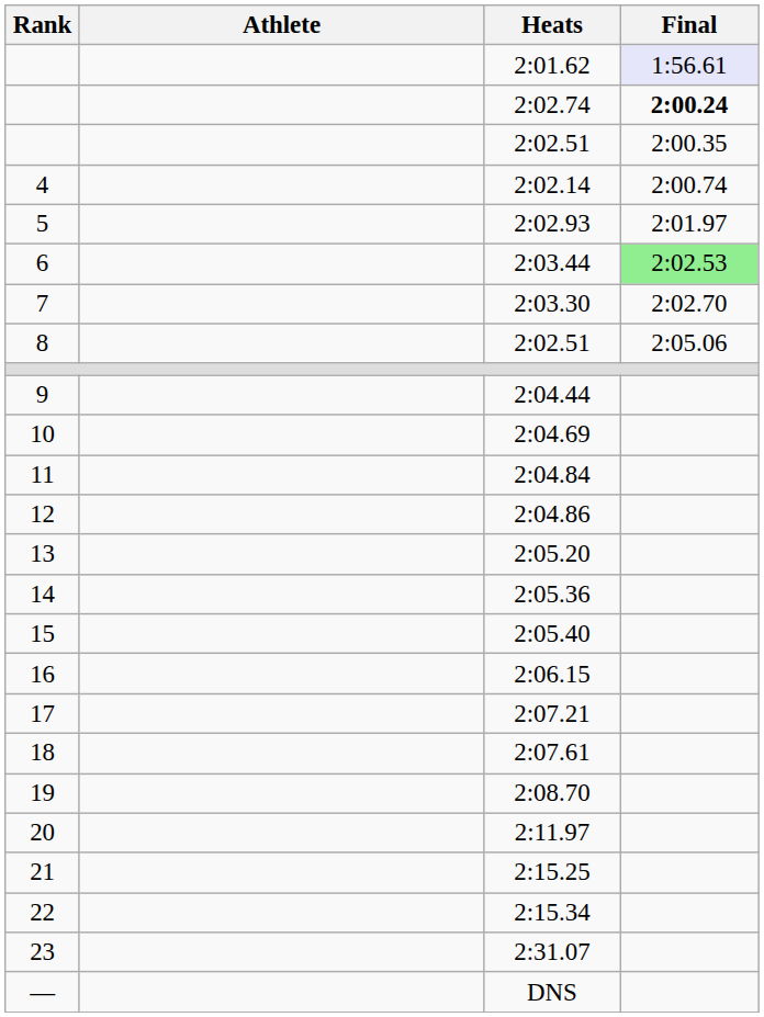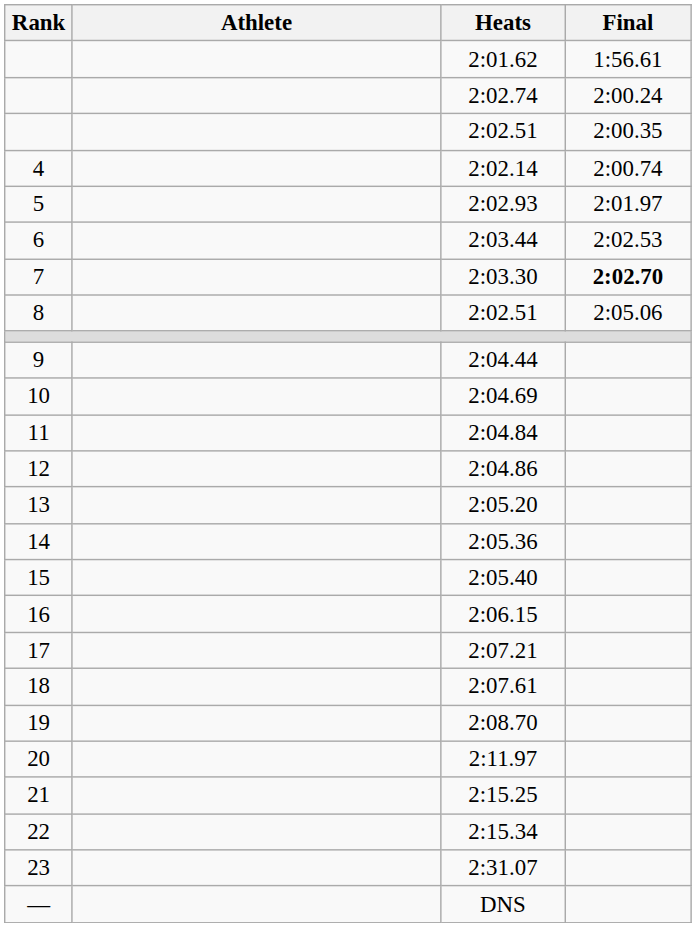 <table class=wikitable style="text-align:center">
 <tr>
 <th width=40>Rank</th>
 <th width=250>Athlete</th>
 <th width=80>Heats</th>
 <th width=80>Final</th>
 </tr>
 <tr>
 <td></td>
 <td align=left></td>
 <td>2:01.62</td>
-<td style="background: lavender;">1:56.61</td>
+<td>1:56.61</td>
 </tr>
 <tr>
 <td></td>
 <td align=left></td>
 <td>2:02.74</td>
-<td><strong>2:00.24</strong></td>
+<td>2:00.24</td>
 </tr>
 <tr>
 <td></td>
 <td align=left></td>
 <td>2:02.51</td>
 <td>2:00.35</td>
 </tr>
 <tr>
 <td>4</td>
 <td align=left></td>
 <td>2:02.14</td>
 <td>2:00.74</td>
 </tr>
 <tr>
 <td>5</td>
 <td align=left></td>
 <td>2:02.93</td>
 <td>2:01.97</td>
 </tr>
 <tr>
 <td>6</td>
 <td align=left></td>
 <td>2:03.44</td>
-<td style="background: lightgreen;">2:02.53</td>
+<td>2:02.53</td>
 </tr>
 <tr>
 <td>7</td>
 <td align=left></td>
 <td>2:03.30</td>
-<td>2:02.70</td>
+<td><strong>2:02.70</strong></td>
 </tr>
 <tr>
 <td>8</td>
 <td align=left></td>
 <td>2:02.51</td>
 <td>2:05.06</td>
 </tr>
 <tr bgcolor=#DDDDDD>
 <td colspan=4></td>
 </tr>
 <tr>
 <td>9</td>
 <td align=left></td>
 <td>2:04.44</td>
 <td></td>
 </tr>
 <tr>
 <td>10</td>
 <td align=left></td>
 <td>2:04.69</td>
 <td></td>
 </tr>
 <tr>
 <td>11</td>
 <td align=left></td>
 <td>2:04.84</td>
 <td></td>
 </tr>
 <tr>
 <td>12</td>
 <td align=left></td>
 <td>2:04.86</td>
 <td></td>
 </tr>
 <tr>
 <td>13</td>
 <td align=left></td>
 <td>2:05.20</td>
 <td></td>
 </tr>
 <tr>
 <td>14</td>
 <td align=left></td>
 <td>2:05.36</td>
 <td></td>
 </tr>
 <tr>
 <td>15</td>
 <td align=left></td>
 <td>2:05.40</td>
 <td></td>
 </tr>
 <tr>
 <td>16</td>
 <td align=left></td>
 <td>2:06.15</td>
 <td></td>
 </tr>
 <tr>
 <td>17</td>
 <td align=left></td>
 <td>2:07.21</td>
 <td></td>
 </tr>
 <tr>
 <td>18</td>
 <td align=left></td>
 <td>2:07.61</td>
 <td></td>
 </tr>
 <tr>
 <td>19</td>
 <td align=left></td>
 <td>2:08.70</td>
 <td></td>
 </tr>
 <tr>
 <td>20</td>
 <td align=left></td>
 <td>2:11.97</td>
 <td></td>
 </tr>
 <tr>
 <td>21</td>
 <td align=left></td>
 <td>2:15.25</td>
 <td></td>
 </tr>
 <tr>
 <td>22</td>
 <td align=left></td>
 <td>2:15.34</td>
 <td></td>
 </tr>
 <tr>
 <td>23</td>
 <td align=left></td>
 <td>2:31.07</td>
 <td></td>
 </tr>
 <tr>
 <td>—</td>
 <td align=left></td>
 <td>DNS</td>
 <td></td>
 </tr>
 </table>
